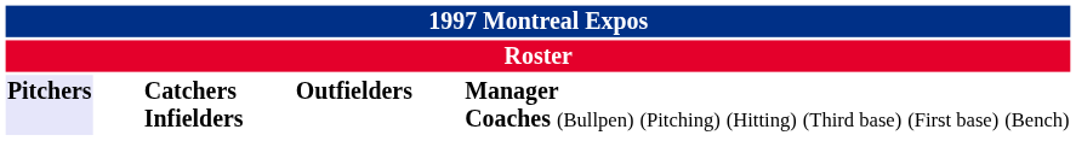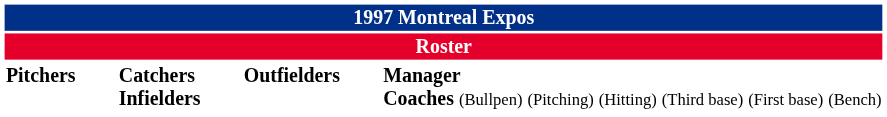 <table class="toccolours" style="font-size: 95%;">
 <tr>
 <th colspan="10" style="background-color: #003087; color: #FFFFFF; text-align: center;">1997 Montreal Expos</th>
 </tr>
 <tr>
 <td colspan="10" style="background-color: #E4002B; color: #FFFFFF; text-align: center;"><strong>Roster</strong></td>
 </tr>
 <tr>
-<td valign="top" style="background: lavender;"><strong>Pitchers</strong><br>                    </td>
+<td valign="top"><strong>Pitchers</strong><br>                    </td>
 <td width="25px"></td>
 <td valign="top"><strong>Catchers</strong><br>   <strong>Infielders</strong>         </td>
 <td width="25px"></td>
 <td valign="top"><strong>Outfielders</strong><br>       </td>
 <td width="25px"></td>
 <td valign="top"><strong>Manager</strong><br> <strong>Coaches</strong>  <small>(Bullpen)</small>  <small>(Pitching)</small>  <small>(Hitting)</small>  <small>(Third base)</small>  <small>(First base)</small>  <small>(Bench)</small></td>
 </tr>
 </table>
